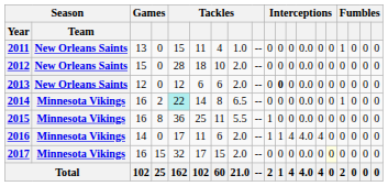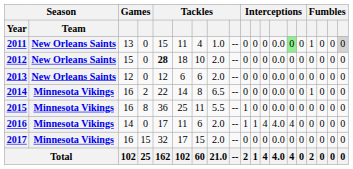 <table class="wikitable" style="text-align:center;">
 <tr>
 <th colspan="2">Season</th>
 <th colspan="2">Games</th>
 <th colspan="5">Tackles</th>
 <th colspan="6">Interceptions</th>
 <th colspan="4">Fumbles</th>
 </tr>
 <tr>
 <th>Year</th>
 <th>Team</th>
 <th></th>
 <th></th>
 <th></th>
 <th></th>
 <th></th>
 <th></th>
 <th></th>
 <th></th>
 <th></th>
 <th></th>
 <th></th>
 <th></th>
 <th></th>
 <th></th>
 <th></th>
 <th></th>
 <th></th>
 </tr>
 <tr>
 <th><a href='#'>2011</a></th>
 <th><a href='#'>New Orleans Saints</a></th>
 <td>13</td>
 <td>0</td>
 <td>15</td>
 <td>11</td>
 <td>4</td>
 <td>1.0</td>
 <td>--</td>
 <td>0</td>
 <td>0</td>
 <td>0</td>
 <td>0.0</td>
-<td>0</td>
+<td style="background: lightgreen;">0</td>
 <td>0</td>
 <td>1</td>
 <td>0</td>
 <td>0</td>
-<td>0</td>
+<td style="background: lightgrey;">0</td>
 </tr>
 <tr>
 <th><a href='#'>2012</a></th>
 <th><a href='#'>New Orleans Saints</a></th>
 <td>15</td>
 <td>0</td>
-<td>28</td>
+<td><strong>28</strong></td>
 <td>18</td>
 <td>10</td>
 <td>2.0</td>
 <td>--</td>
 <td>0</td>
 <td>0</td>
 <td>0</td>
 <td>0.0</td>
 <td>0</td>
 <td>0</td>
 <td>0</td>
 <td>0</td>
 <td>0</td>
 <td>0</td>
 </tr>
 <tr>
 <th><a href='#'>2013</a></th>
 <th><a href='#'>New Orleans Saints</a></th>
 <td>12</td>
 <td>0</td>
 <td>12</td>
 <td>6</td>
 <td>6</td>
 <td>2.0</td>
 <td>--</td>
 <td>0</td>
-<td><strong>0</strong></td>
+<td>0</td>
 <td>0</td>
 <td>0.0</td>
 <td>0</td>
 <td>0</td>
 <td>0</td>
 <td>0</td>
 <td>0</td>
 <td>0</td>
 </tr>
 <tr>
 <th><a href='#'>2014</a></th>
 <th><a href='#'>Minnesota Vikings</a></th>
 <td>16</td>
 <td>2</td>
-<td style="background: paleturquoise;">22</td>
+<td>22</td>
 <td>14</td>
 <td>8</td>
 <td>6.5</td>
 <td>--</td>
 <td>0</td>
 <td>0</td>
 <td>0</td>
 <td>0.0</td>
 <td>0</td>
 <td>0</td>
 <td>1</td>
 <td>0</td>
 <td>0</td>
 <td>0</td>
 </tr>
 <tr>
 <th><a href='#'>2015</a></th>
 <th><a href='#'>Minnesota Vikings</a></th>
 <td>16</td>
 <td>8</td>
 <td>36</td>
 <td>25</td>
 <td>11</td>
 <td>5.5</td>
 <td>--</td>
 <td>1</td>
 <td>0</td>
 <td>0</td>
 <td>0.0</td>
 <td>0</td>
 <td>0</td>
 <td>0</td>
 <td>0</td>
 <td>0</td>
 <td>0</td>
 </tr>
 <tr>
 <th><a href='#'>2016</a></th>
 <th><a href='#'>Minnesota Vikings</a></th>
 <td>14</td>
 <td>0</td>
 <td>17</td>
 <td>11</td>
 <td>6</td>
 <td>2.0</td>
 <td>--</td>
 <td>1</td>
 <td>1</td>
 <td>4</td>
 <td>4.0</td>
 <td>4</td>
 <td>0</td>
 <td>0</td>
 <td>0</td>
 <td>0</td>
 <td>0</td>
 </tr>
 <tr>
 <th><a href='#'>2017</a></th>
 <th><a href='#'>Minnesota Vikings</a></th>
 <td>16</td>
 <td>15</td>
 <td>32</td>
 <td>17</td>
 <td>15</td>
 <td>2.0</td>
 <td>--</td>
 <td>0</td>
 <td>0</td>
 <td>0</td>
 <td>0.0</td>
 <td>0</td>
-<td style="background: lightyellow;">0</td>
+<td>0</td>
 <td>0</td>
 <td>0</td>
 <td>0</td>
 <td>0</td>
 </tr>
 <tr>
 <th colspan="2">Total</th>
 <th>102</th>
 <th>25</th>
 <th>162</th>
 <th>102</th>
 <th>60</th>
 <th>21.0</th>
 <th>--</th>
 <th>2</th>
 <th>1</th>
 <th>4</th>
 <th>4.0</th>
 <th>4</th>
 <th>0</th>
 <th>2</th>
 <th>0</th>
 <th>0</th>
 <th>0</th>
 </tr>
 </table>
